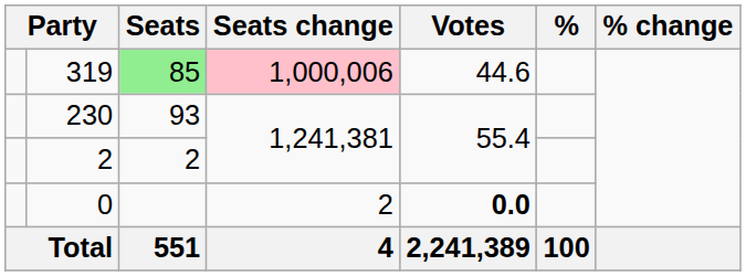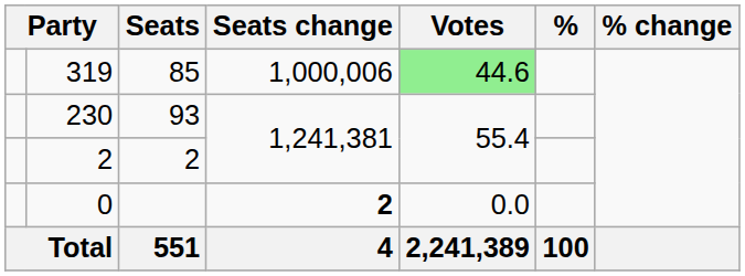 <table class="wikitable sortable">
 <tr>
 <th colspan=2>Party</th>
 <th>Seats</th>
 <th>Seats change</th>
 <th>Votes</th>
 <th>%</th>
 <th>% change</th>
 </tr>
 <tr>
 <td></td>
 <td align=right>319</td>
-<td align=right style="background: lightgreen;">85</td>
-<td align=right style="background: pink;">1,000,006</td>
-<td align=right>44.6</td>
+<td align=right>85</td>
+<td align=right>1,000,006</td>
+<td align=right style="background: lightgreen;">44.6</td>
 <td align=right></td>
 </tr>
 <tr>
 <td></td>
 <td align=right>230</td>
 <td align=right>93</td>
 <td rowspan=2 align=right>1,241,381</td>
 <td rowspan=2 align=right>55.4</td>
 <td align=right></td>
 </tr>
 <tr>
 <td></td>
 <td align=right>2</td>
 <td align=right>2</td>
 <td align=right></td>
 </tr>
 <tr>
 <td></td>
 <td align=right>0</td>
 <td align=right></td>
-<td align=right>2</td>
-<td align=right><strong>0.0</strong></td>
+<td align=right><strong>2</strong></td>
+<td align=right>0.0</td>
 <td align=right></td>
 </tr>
 <tr class="sortbottom" style="font-weight: bold; text-align: right; background: #f2f2f2;">
 <th colspan="2" style="padding-left: 1.5em; text-align: left;">Total</th>
 <td align=right>551</td>
 <td align=right>4</td>
 <td align=right>2,241,389</td>
 <td align=right>100</td>
 <td align=right></td>
 </tr>
 </table>
